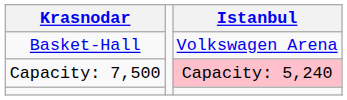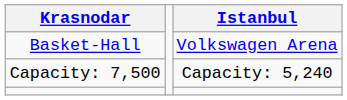 <table class="wikitable" style="margin:1em auto; text-align:center">
 <tr>
 <th><a href='#'>Krasnodar</a></th>
 <td rowspan=4></td>
 <th><a href='#'>Istanbul</a></th>
 </tr>
 <tr>
 <td><a href='#'>Basket-Hall</a></td>
 <td><a href='#'>Volkswagen Arena</a></td>
 </tr>
 <tr>
 <td>Capacity: 7,500</td>
-<td style="background: pink;">Capacity: 5,240</td>
+<td>Capacity: 5,240</td>
 </tr>
 <tr>
 <td></td>
 <td></td>
 </tr>
 </table>
